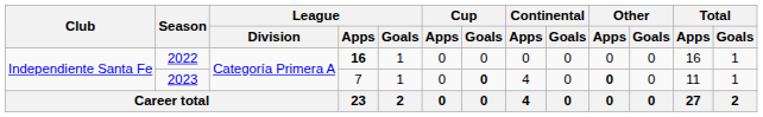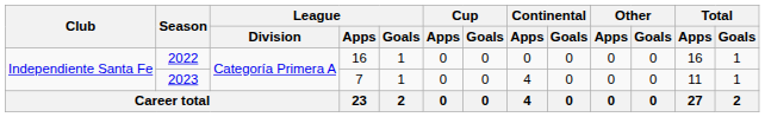 <table class=wikitable style=text-align:center>
 <tr>
 <th rowspan="2">Club</th>
 <th rowspan="2">Season</th>
 <th colspan="3">League</th>
 <th colspan="2">Cup</th>
 <th colspan="2">Continental</th>
 <th colspan="2">Other</th>
 <th colspan="2">Total</th>
 </tr>
 <tr>
 <th>Division</th>
 <th>Apps</th>
 <th>Goals</th>
 <th>Apps</th>
 <th>Goals</th>
 <th>Apps</th>
 <th>Goals</th>
 <th>Apps</th>
 <th>Goals</th>
 <th>Apps</th>
 <th>Goals</th>
 </tr>
 <tr>
 <td rowspan="2"><a href='#'>Independiente Santa Fe</a></td>
 <td><a href='#'>2022</a></td>
 <td rowspan="2"><a href='#'>Categoría Primera A</a></td>
-<td><strong>16</strong></td>
+<td>16</td>
 <td>1</td>
 <td>0</td>
 <td>0</td>
 <td>0</td>
 <td>0</td>
 <td>0</td>
 <td>0</td>
 <td>16</td>
 <td>1</td>
 </tr>
 <tr>
 <td><a href='#'>2023</a></td>
 <td>7</td>
 <td>1</td>
 <td>0</td>
-<td><strong>0</strong></td>
+<td>0</td>
 <td>4</td>
 <td>0</td>
-<td><strong>0</strong></td>
+<td>0</td>
 <td>0</td>
 <td>11</td>
 <td>1</td>
 </tr>
 <tr>
 <th colspan="3"><strong>Career total</strong></th>
 <th>23</th>
 <th>2</th>
 <th>0</th>
 <th>0</th>
 <th>4</th>
 <th>0</th>
 <th>0</th>
 <th>0</th>
 <th>27</th>
 <th>2</th>
 </tr>
 </table>
